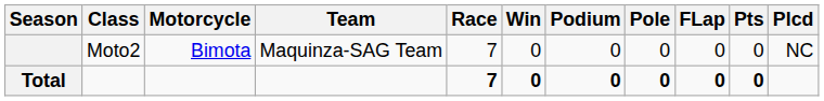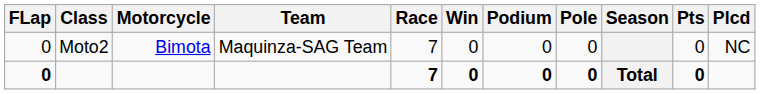 <table class="wikitable" style=text-align:right>
 <tr>
-<th>Season</th>
+<th>FLap</th>
 <th>Class</th>
 <th>Motorcycle</th>
 <th>Team</th>
 <th>Race</th>
 <th>Win</th>
 <th>Podium</th>
 <th>Pole</th>
-<th>FLap</th>
+<th>Season</th>
 <th>Pts</th>
 <th>Plcd</th>
 </tr>
 <tr>
-<th></th>
+<td>0</td>
 <td>Moto2</td>
 <td><a href='#'>Bimota</a></td>
 <td>Maquinza-SAG Team</td>
 <td>7</td>
 <td>0</td>
 <td>0</td>
 <td>0</td>
-<td>0</td>
+<th></th>
 <td>0</td>
 <td>NC</td>
 </tr>
 <tr>
-<th>Total</th>
+<td><strong>0</strong></td>
 <td></td>
 <td></td>
 <td></td>
 <td><strong>7</strong></td>
 <td><strong>0</strong></td>
 <td><strong>0</strong></td>
 <td><strong>0</strong></td>
-<td><strong>0</strong></td>
+<th>Total</th>
 <td><strong>0</strong></td>
 <td></td>
 </tr>
 </table>
